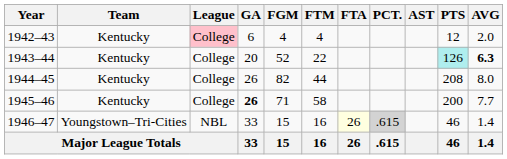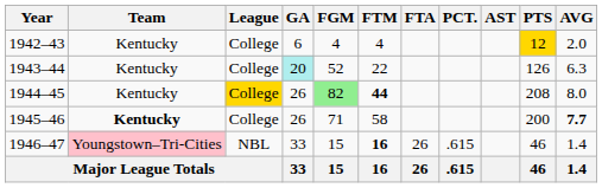 <table class="wikitable" style="text-align:center">
 <tr>
 <th>Year</th>
 <th>Team</th>
 <th>League</th>
 <th>GA</th>
 <th>FGM</th>
 <th>FTM</th>
 <th>FTA</th>
 <th>PCT.</th>
 <th>AST</th>
 <th>PTS</th>
 <th>AVG</th>
 </tr>
 <tr>
 <td>1942–43</td>
 <td>Kentucky</td>
-<td style="background: pink;">College</td>
+<td>College</td>
 <td>6</td>
 <td>4</td>
 <td>4</td>
 <td></td>
 <td></td>
 <td></td>
-<td>12</td>
+<td style="background: gold;">12</td>
 <td>2.0</td>
 </tr>
 <tr>
 <td>1943–44</td>
 <td>Kentucky</td>
 <td>College</td>
-<td>20</td>
+<td style="background: paleturquoise;">20</td>
 <td>52</td>
 <td>22</td>
 <td></td>
 <td></td>
 <td></td>
-<td style="background: paleturquoise;">126</td>
-<td><strong>6.3</strong></td>
+<td>126</td>
+<td>6.3</td>
 </tr>
 <tr>
 <td>1944–45</td>
 <td>Kentucky</td>
-<td>College</td>
+<td style="background: gold;">College</td>
 <td>26</td>
-<td>82</td>
-<td>44</td>
+<td style="background: lightgreen;">82</td>
+<td><strong>44</strong></td>
 <td></td>
 <td></td>
 <td></td>
 <td>208</td>
 <td>8.0</td>
 </tr>
 <tr>
 <td>1945–46</td>
-<td>Kentucky</td>
+<td><strong>Kentucky</strong></td>
 <td>College</td>
-<td><strong>26</strong></td>
+<td>26</td>
 <td>71</td>
 <td>58</td>
 <td></td>
 <td></td>
 <td></td>
 <td>200</td>
-<td>7.7</td>
+<td><strong>7.7</strong></td>
 </tr>
 <tr>
 <td>1946–47</td>
-<td>Youngstown–Tri-Cities</td>
+<td style="background: pink;">Youngstown–Tri-Cities</td>
 <td>NBL</td>
 <td>33</td>
 <td>15</td>
-<td>16</td>
-<td style="background: lightyellow;">26</td>
-<td style="background: lightgrey;">.615</td>
+<td><strong>16</strong></td>
+<td>26</td>
+<td>.615</td>
 <td></td>
 <td>46</td>
 <td>1.4</td>
 </tr>
 <tr>
 <th colspan="3">Major League Totals</th>
 <th>33</th>
 <th>15</th>
 <th>16</th>
 <th>26</th>
 <th>.615</th>
 <th></th>
 <th>46</th>
 <th>1.4</th>
 </tr>
 </table>
